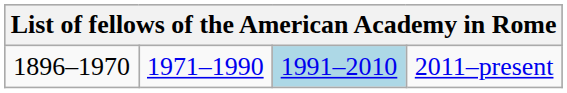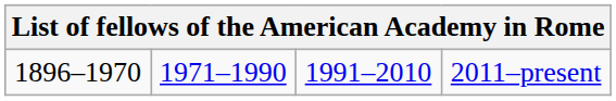 <table class="wikitable">
 <tr>
 <th colspan="4">List of fellows of the American Academy in Rome</th>
 </tr>
 <tr>
 <td align="center">1896–1970</td>
 <td align="center"><a href='#'>1971–1990</a></td>
-<td align="center" style="background: lightblue;"><a href='#'>1991–2010</a></td>
+<td align="center"><a href='#'>1991–2010</a></td>
 <td align="center"><a href='#'>2011–present</a></td>
 </tr>
 </table>
